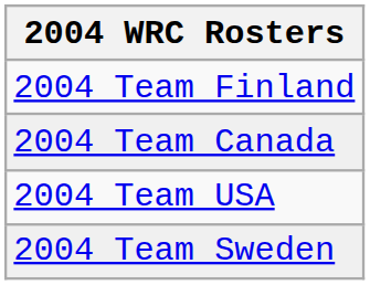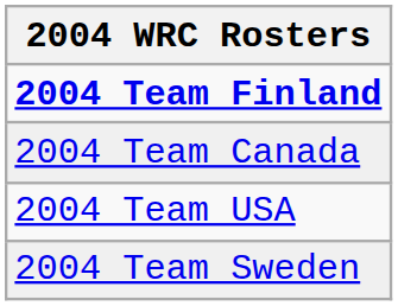 <table class=wikitable style="text-align:left;">
 <tr>
 <th>2004 WRC Rosters</th>
 </tr>
 <tr>
-<td> <a href='#'>2004 Team Finland</a></td>
+<td><strong> <a href='#'>2004 Team Finland</a></strong></td>
 </tr>
 <tr bgcolor="#f0f0f0">
 <td> <a href='#'>2004 Team Canada</a></td>
 </tr>
 <tr>
 <td> <a href='#'>2004 Team USA</a></td>
 </tr>
 <tr bgcolor="#f0f0f0">
 <td> <a href='#'>2004 Team Sweden</a></td>
 </tr>
 </table>
